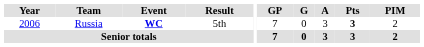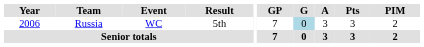 <table border="0" cellpadding="1" cellspacing="0" ID="Table3" style="text-align:center; width:40em">
 <tr ALIGN="center" bgcolor="#e0e0e0">
 <th>Year</th>
 <th>Team</th>
 <th>Event</th>
 <th>Result</th>
 <th rowspan="99" bgcolor="#ffffff"></th>
 <th>GP</th>
 <th>G</th>
 <th>A</th>
 <th>Pts</th>
 <th>PIM</th>
 </tr>
 <tr>
 <td><a href='#'>2006</a></td>
 <td><a href='#'>Russia</a></td>
-<td><strong><a href='#'>WC</a></strong></td>
+<td><a href='#'>WC</a></td>
 <td>5th</td>
 <td>7</td>
-<td>0</td>
+<td style="background: lightblue;">0</td>
 <td>3</td>
-<td><strong>3</strong></td>
+<td>3</td>
 <td>2</td>
 </tr>
 <tr bgcolor="#e0e0e0">
 <th colspan="4">Senior totals</th>
 <th>7</th>
 <th>0</th>
 <th>3</th>
 <th>3</th>
 <th>2</th>
 </tr>
 </table>
